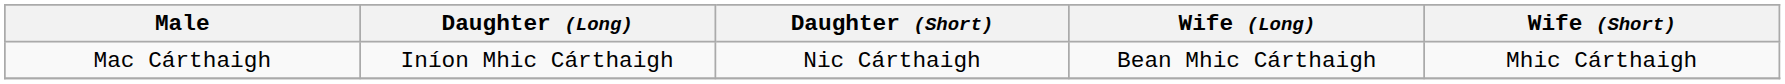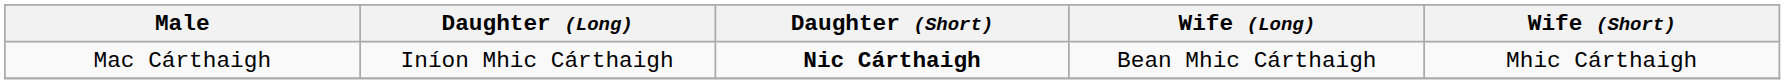 <table class="wikitable" style="text-align:right">
 <tr>
 <th width=16%>Male</th>
 <th width=16%>Daughter <em><small>(Long)</small></em></th>
 <th width=16%>Daughter <em><small>(Short)</small></em></th>
 <th width=16%>Wife <em><small>(Long)</small></em></th>
 <th width=16%>Wife <em><small>(Short)</small></em></th>
 </tr>
 <tr>
 <td align="center">Mac Cárthaigh</td>
 <td align="center">Iníon Mhic Cárthaigh</td>
-<td align="center">Nic Cárthaigh</td>
+<td align="center"><strong>Nic Cárthaigh</strong></td>
 <td align="center">Bean Mhic Cárthaigh</td>
 <td align="center">Mhic Cárthaigh</td>
 </tr>
 <tr>
 </tr>
 </table>
